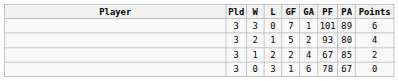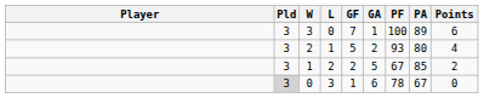 <table class=wikitable style="text-align:center">
 <tr>
 <th width=320>Player</th>
 <th width=20>Pld</th>
 <th width=20>W</th>
 <th width=20>L</th>
 <th width=20>GF</th>
 <th width=20>GA</th>
 <th width=20>PF</th>
 <th width=20>PA</th>
 <th width=50>Points</th>
 </tr>
 <tr>
 <td align=left></td>
 <td>3</td>
 <td>3</td>
 <td>0</td>
 <td>7</td>
 <td>1</td>
-<td>101</td>
+<td>100</td>
 <td>89</td>
 <td>6</td>
 </tr>
 <tr>
 <td align=left></td>
 <td>3</td>
 <td>2</td>
 <td>1</td>
 <td>5</td>
 <td>2</td>
 <td>93</td>
 <td>80</td>
 <td>4</td>
 </tr>
 <tr>
 <td align=left></td>
 <td>3</td>
 <td>1</td>
 <td>2</td>
 <td>2</td>
-<td>4</td>
+<td>5</td>
 <td>67</td>
 <td>85</td>
 <td>2</td>
 </tr>
 <tr>
 <td align=left></td>
-<td>3</td>
+<td style="background: lightgrey;">3</td>
 <td>0</td>
 <td>3</td>
 <td>1</td>
 <td>6</td>
 <td>78</td>
 <td>67</td>
 <td>0</td>
 </tr>
 </table>
